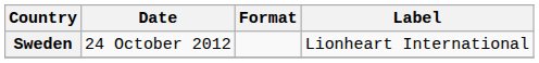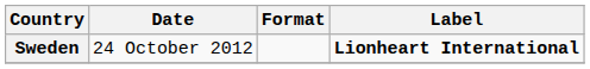 <table class="wikitable plainrowheaders">
 <tr>
 <th scope="col">Country</th>
 <th scope="col">Date</th>
 <th scope="col">Format</th>
 <th scope="col">Label</th>
 </tr>
 <tr>
 <th scope="row">Sweden</th>
 <td>24 October 2012</td>
 <td></td>
-<td>Lionheart International</td>
+<td><strong>Lionheart International</strong></td>
 </tr>
 <tr>
 </tr>
 </table>
